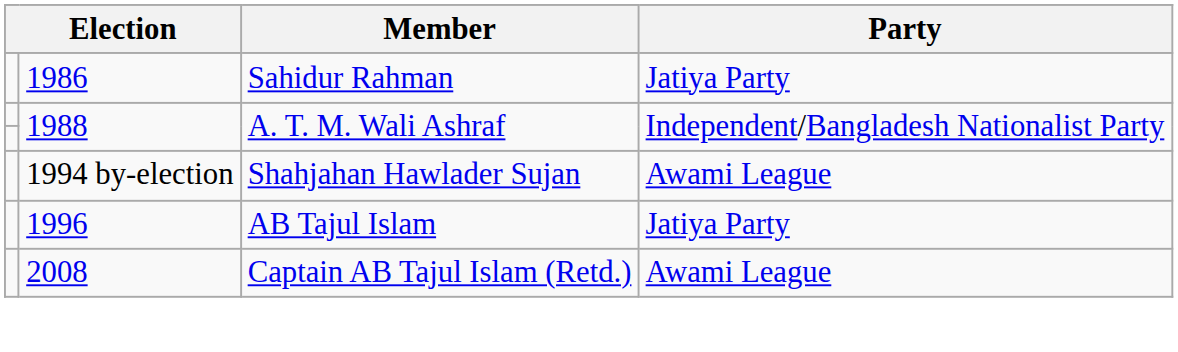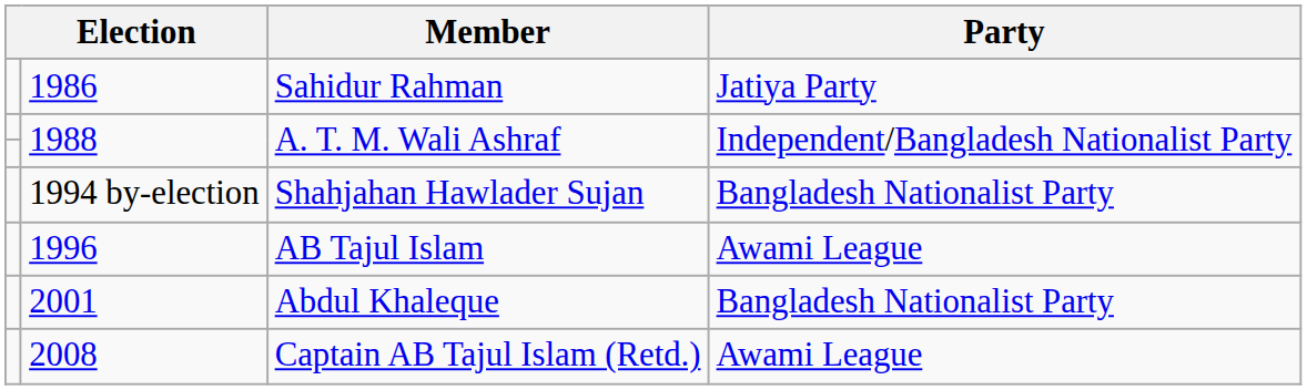 <table class="wikitable">
 <tr>
 <th colspan="2">Election</th>
 <th>Member</th>
 <th>Party</th>
 </tr>
 <tr>
 <td style="background-color:"></td>
 <td><a href='#'>1986</a></td>
 <td><a href='#'>Sahidur Rahman</a></td>
 <td><a href='#'>Jatiya Party</a></td>
 </tr>
 <tr>
 <td style="background-color:"></td>
 <td rowspan="2"><a href='#'>1988</a></td>
 <td rowspan="2"><a href='#'>A. T. M. Wali Ashraf</a></td>
 <td rowspan="2"><a href='#'>Independent</a>/<a href='#'>Bangladesh Nationalist Party</a></td>
 </tr>
 <tr>
 <td style="background-color:"></td>
 </tr>
 <tr>
 <td style="background-color:"></td>
 <td>1994 by-election</td>
 <td><a href='#'>Shahjahan Hawlader Sujan</a></td>
-<td><a href='#'>Awami League</a></td>
+<td><a href='#'>Bangladesh Nationalist Party</a></td>
 </tr>
 <tr>
 <td style="background-color:"></td>
 <td><a href='#'>1996</a></td>
 <td><a href='#'>AB Tajul Islam</a></td>
-<td><a href='#'>Jatiya Party</a></td>
+<td><a href='#'>Awami League</a></td>
+</tr>
+<tr>
+<td style="background-color:"></td>
+<td><a href='#'>2001</a></td>
+<td><a href='#'>Abdul Khaleque</a></td>
+<td><a href='#'>Bangladesh Nationalist Party</a></td>
 </tr>
 <tr>
 <td rowspan="4" style="background-color:"></td>
 <td><a href='#'>2008</a></td>
 <td><a href='#'>Captain AB Tajul Islam (Retd.)</a></td>
 <td><a href='#'>Awami League</a></td>
 </tr>
 </table>
